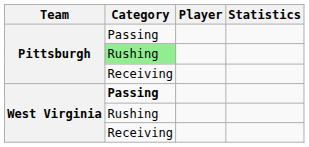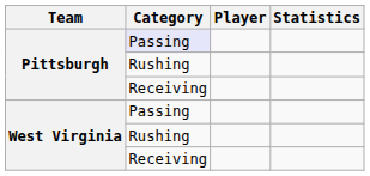 <table class="wikitable" style="float:right">
 <tr>
 <th>Team</th>
 <th>Category</th>
 <th>Player</th>
 <th>Statistics</th>
 </tr>
 <tr>
 <th rowspan=3>Pittsburgh</th>
-<td>Passing</td>
+<td style="background: lavender;">Passing</td>
 <td></td>
 <td></td>
 </tr>
 <tr>
-<td style="background: lightgreen;">Rushing</td>
+<td>Rushing</td>
 <td></td>
 <td></td>
 </tr>
 <tr>
 <td>Receiving</td>
 <td></td>
 <td></td>
 </tr>
 <tr>
 <th rowspan=3>West Virginia</th>
-<td><strong>Passing</strong></td>
+<td>Passing</td>
 <td></td>
 <td></td>
 </tr>
 <tr>
 <td>Rushing</td>
 <td></td>
 <td></td>
 </tr>
 <tr>
 <td>Receiving</td>
 <td></td>
 <td></td>
 </tr>
 </table>
